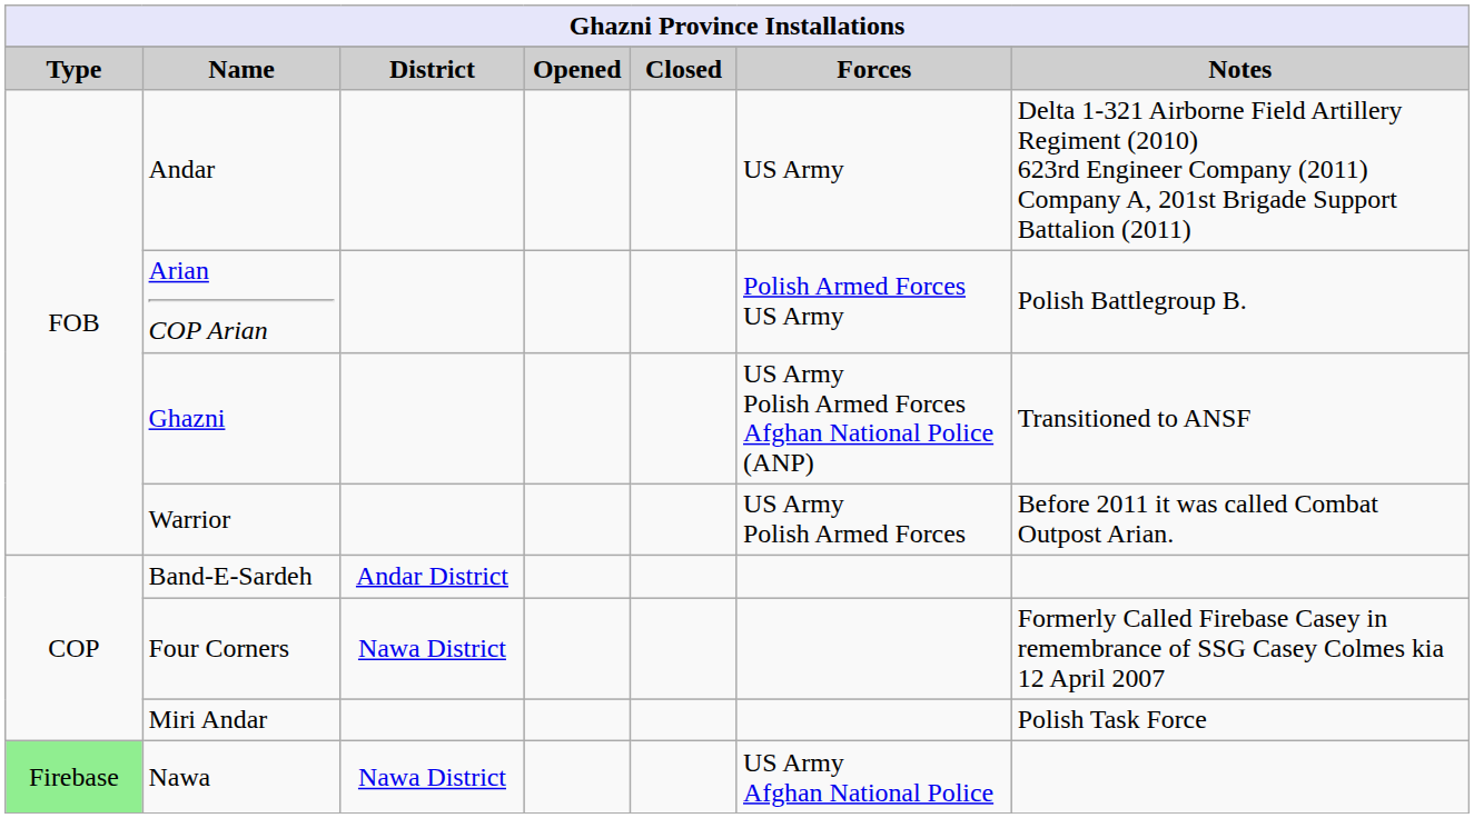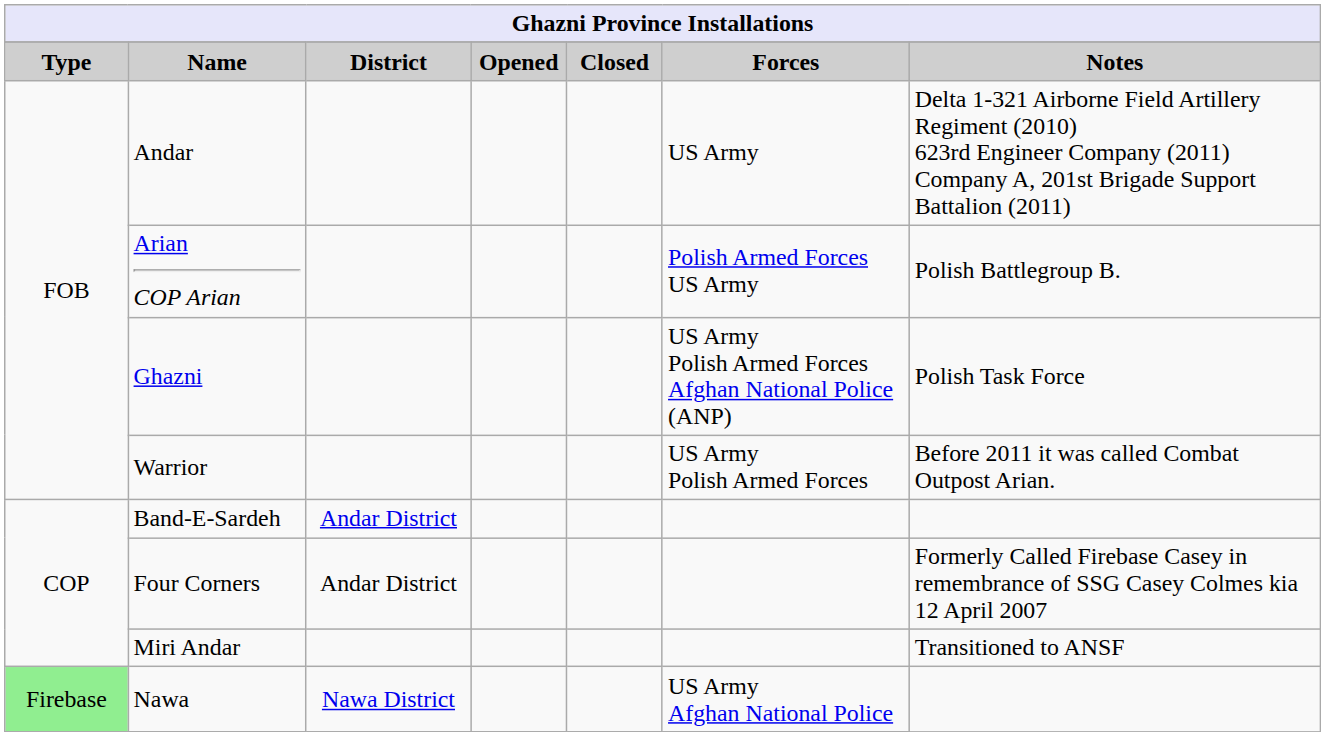 <table class="wikitable sortable" width="100%">
 <tr>
 <th style="align: center; background: lavender" colspan="7"><strong>Ghazni Province Installations</strong></th>
 </tr>
 <tr style="background:#efefef; color:black">
 </tr>
 <tr>
 <th style="background-color:#cfcfcf;" align="center" width="9%" align="center">Type</th>
 <th style="background-color:#cfcfcf;" align="center" width="13%">Name</th>
 <th style="background-color:#cfcfcf;" align="center" width="12%">District</th>
 <th style="background-color:#cfcfcf;" align="center" width="7%">Opened</th>
 <th style="background-color:#cfcfcf;" align="center" width="7%">Closed</th>
 <th style="background-color:#cfcfcf;" align="center" width="18%" class="unsortable">Forces</th>
 <th style="background-color:#cfcfcf;" align="center" width="30%" class="unsortable">Notes</th>
 </tr>
 <tr>
 <td rowspan="4" align="center">FOB</td>
 <td>Andar</td>
 <td align="center"></td>
 <td align="center"></td>
 <td align="center"></td>
 <td> US Army</td>
 <td>Delta 1-321 Airborne Field Artillery Regiment (2010)<br>623rd Engineer Company (2011)<br>Company A, 201st Brigade Support Battalion (2011)</td>
 </tr>
 <tr>
 <td><a href='#'>Arian</a><hr><em>COP Arian</em></td>
 <td align="center"></td>
 <td align="center"></td>
 <td align="center"></td>
 <td> <a href='#'>Polish Armed Forces</a><br> US Army</td>
 <td>Polish Battlegroup B.</td>
 </tr>
 <tr>
 <td><a href='#'>Ghazni</a></td>
 <td align="center"></td>
 <td align="center"></td>
 <td align="center"></td>
 <td> US Army<br> Polish Armed Forces<br> <a href='#'>Afghan National Police</a> (ANP)</td>
-<td>Transitioned to ANSF</td>
+<td>Polish Task Force</td>
 </tr>
 <tr>
 <td>Warrior</td>
 <td align="center"></td>
 <td align="center"></td>
 <td align="center"></td>
 <td> US Army<br> Polish Armed Forces</td>
 <td>Before 2011 it was called Combat Outpost Arian.</td>
 </tr>
 <tr>
 <td rowspan="3" align="center">COP</td>
 <td>Band-E-Sardeh</td>
 <td align="center"><a href='#'>Andar District</a></td>
 <td align="center"></td>
 <td align="center"></td>
 <td></td>
 <td></td>
 </tr>
 <tr>
 <td>Four Corners</td>
-<td align="center"><a href='#'>Nawa District</a></td>
+<td align="center">Andar District</td>
 <td align="center"></td>
 <td align="center"></td>
 <td></td>
 <td>Formerly Called Firebase Casey in remembrance of SSG Casey Colmes kia 12 April 2007<br></td>
 </tr>
 <tr>
 <td>Miri Andar</td>
 <td align="center"></td>
 <td align="center"></td>
 <td align="center"></td>
 <td></td>
-<td>Polish Task Force</td>
+<td>Transitioned to ANSF</td>
 </tr>
 <tr>
 <td align="center" style="background: lightgreen;">Firebase</td>
 <td>Nawa</td>
 <td align="center"><a href='#'>Nawa District</a></td>
 <td align="center"></td>
 <td align="center"></td>
 <td> US Army<br> <a href='#'>Afghan National Police</a></td>
 </tr>
 <tr>
 </tr>
 </table>
